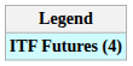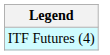 <table class=wikitable style=font-size:97%>
 <tr>
 <th>Legend</th>
 </tr>
 <tr bgcolor=cffcff>
-<td><strong>ITF Futures (4)</strong></td>
+<td>ITF Futures (4)</td>
 </tr>
 </table>
